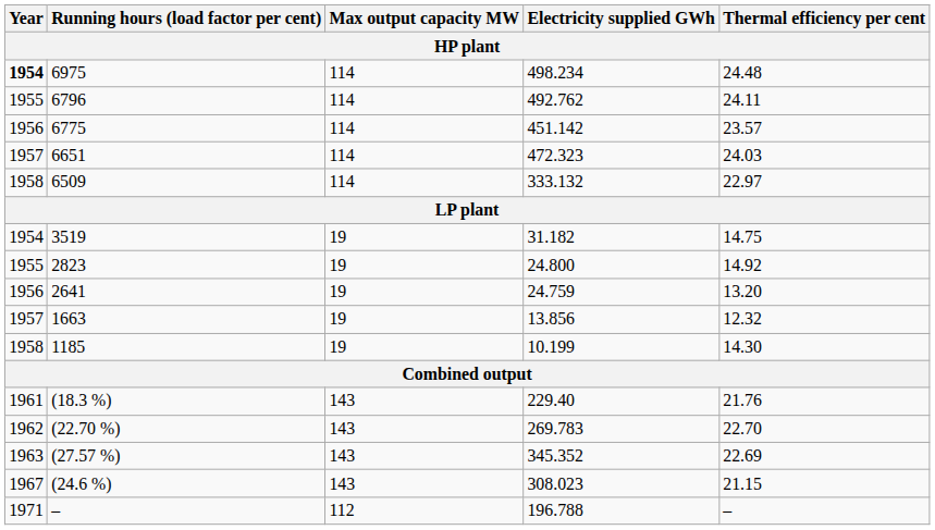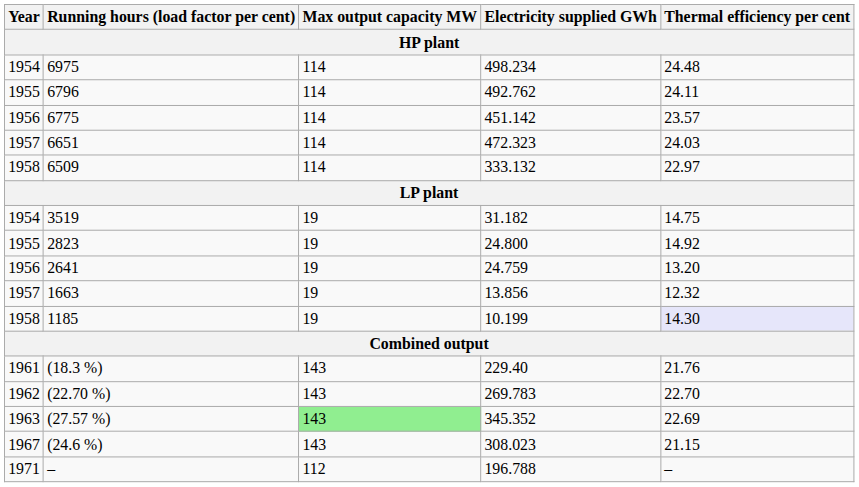 <table class="wikitable">
 <tr>
 <th>Year</th>
 <th>Running hours (load factor per cent)</th>
 <th>Max output capacity  MW</th>
 <th>Electricity supplied GWh</th>
 <th>Thermal efficiency per cent</th>
 </tr>
 <tr>
 <th colspan="5">HP plant</th>
 </tr>
 <tr>
-<td><strong>1954</strong></td>
+<td>1954</td>
 <td>6975</td>
 <td>114</td>
 <td>498.234</td>
 <td>24.48</td>
 </tr>
 <tr>
 <td>1955</td>
 <td>6796</td>
 <td>114</td>
 <td>492.762</td>
 <td>24.11</td>
 </tr>
 <tr>
 <td>1956</td>
 <td>6775</td>
 <td>114</td>
 <td>451.142</td>
 <td>23.57</td>
 </tr>
 <tr>
 <td>1957</td>
 <td>6651</td>
 <td>114</td>
 <td>472.323</td>
 <td>24.03</td>
 </tr>
 <tr>
 <td>1958</td>
 <td>6509</td>
 <td>114</td>
 <td>333.132</td>
 <td>22.97</td>
 </tr>
 <tr>
 <th colspan="5">LP plant</th>
 </tr>
 <tr>
 <td>1954</td>
 <td>3519</td>
 <td>19</td>
 <td>31.182</td>
 <td>14.75</td>
 </tr>
 <tr>
 <td>1955</td>
 <td>2823</td>
 <td>19</td>
 <td>24.800</td>
 <td>14.92</td>
 </tr>
 <tr>
 <td>1956</td>
 <td>2641</td>
 <td>19</td>
 <td>24.759</td>
 <td>13.20</td>
 </tr>
 <tr>
 <td>1957</td>
 <td>1663</td>
 <td>19</td>
 <td>13.856</td>
 <td>12.32</td>
 </tr>
 <tr>
 <td>1958</td>
 <td>1185</td>
 <td>19</td>
 <td>10.199</td>
-<td>14.30</td>
+<td style="background: lavender;">14.30</td>
 </tr>
 <tr>
 <th colspan="5">Combined output</th>
 </tr>
 <tr>
 <td>1961</td>
 <td>(18.3 %)</td>
 <td>143</td>
 <td>229.40</td>
 <td>21.76</td>
 </tr>
 <tr>
 <td>1962</td>
 <td>(22.70 %)</td>
 <td>143</td>
 <td>269.783</td>
 <td>22.70</td>
 </tr>
 <tr>
 <td>1963</td>
 <td>(27.57 %)</td>
-<td>143</td>
+<td style="background: lightgreen;">143</td>
 <td>345.352</td>
 <td>22.69</td>
 </tr>
 <tr>
 <td>1967</td>
 <td>(24.6 %)</td>
 <td>143</td>
 <td>308.023</td>
 <td>21.15</td>
 </tr>
 <tr>
 <td>1971</td>
 <td>–</td>
 <td>112</td>
 <td>196.788</td>
 <td>–</td>
 </tr>
 </table>
